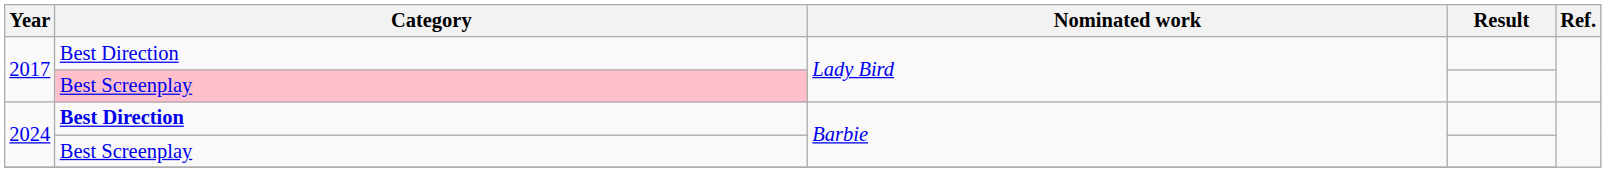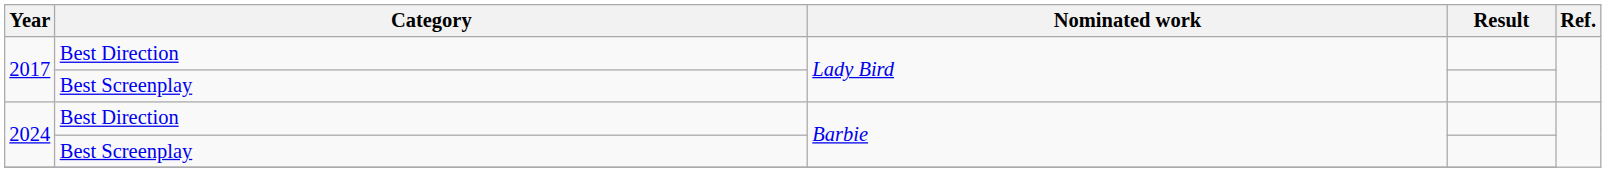 <table class=wikitable>
 <tr>
 <th scope="col" style="width:1em;">Year</th>
 <th scope="col" style="width:39em;">Category</th>
 <th scope="col" style="width:33em;">Nominated work</th>
 <th scope="col" style="width:5em;">Result</th>
 <th scope="col" style="width:1em;">Ref.</th>
 </tr>
 <tr>
 <td rowspan="2"><a href='#'>2017</a></td>
 <td><a href='#'>Best Direction</a></td>
 <td rowspan="2"><em><a href='#'>Lady Bird</a></em></td>
 <td></td>
 <td style="text-align:center;" rowspan="2"></td>
 </tr>
 <tr>
-<td style="background: pink;"><a href='#'>Best Screenplay</a></td>
+<td><a href='#'>Best Screenplay</a></td>
 <td></td>
 </tr>
 <tr>
 <td rowspan="2"><a href='#'>2024</a></td>
-<td><strong><a href='#'>Best Direction</a></strong></td>
+<td><a href='#'>Best Direction</a></td>
 <td rowspan="2"><em><a href='#'> Barbie</a></em></td>
 <td></td>
 </tr>
 <tr>
 <td><a href='#'>Best Screenplay</a></td>
 <td></td>
 </tr>
 <tr>
 </tr>
 </table>
